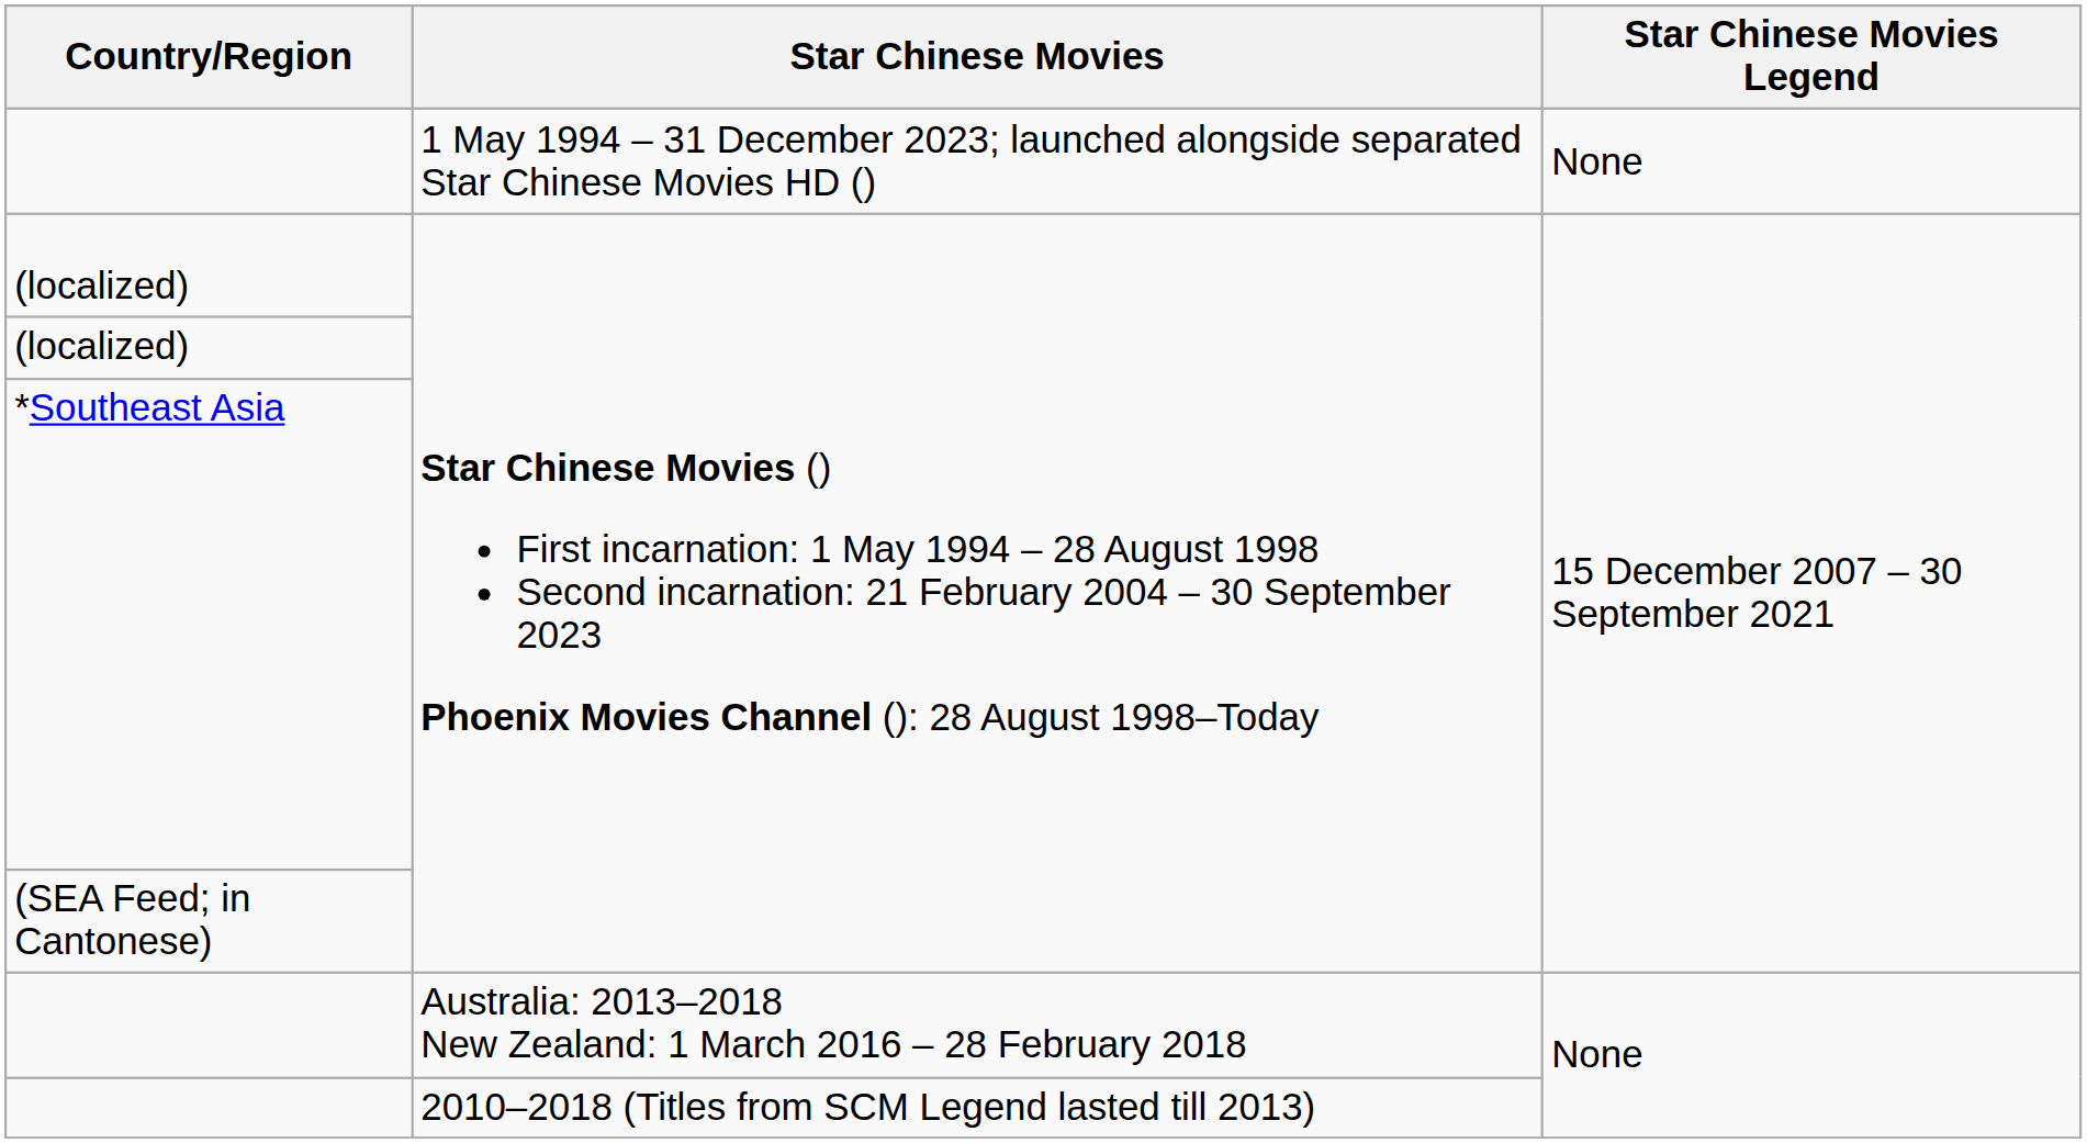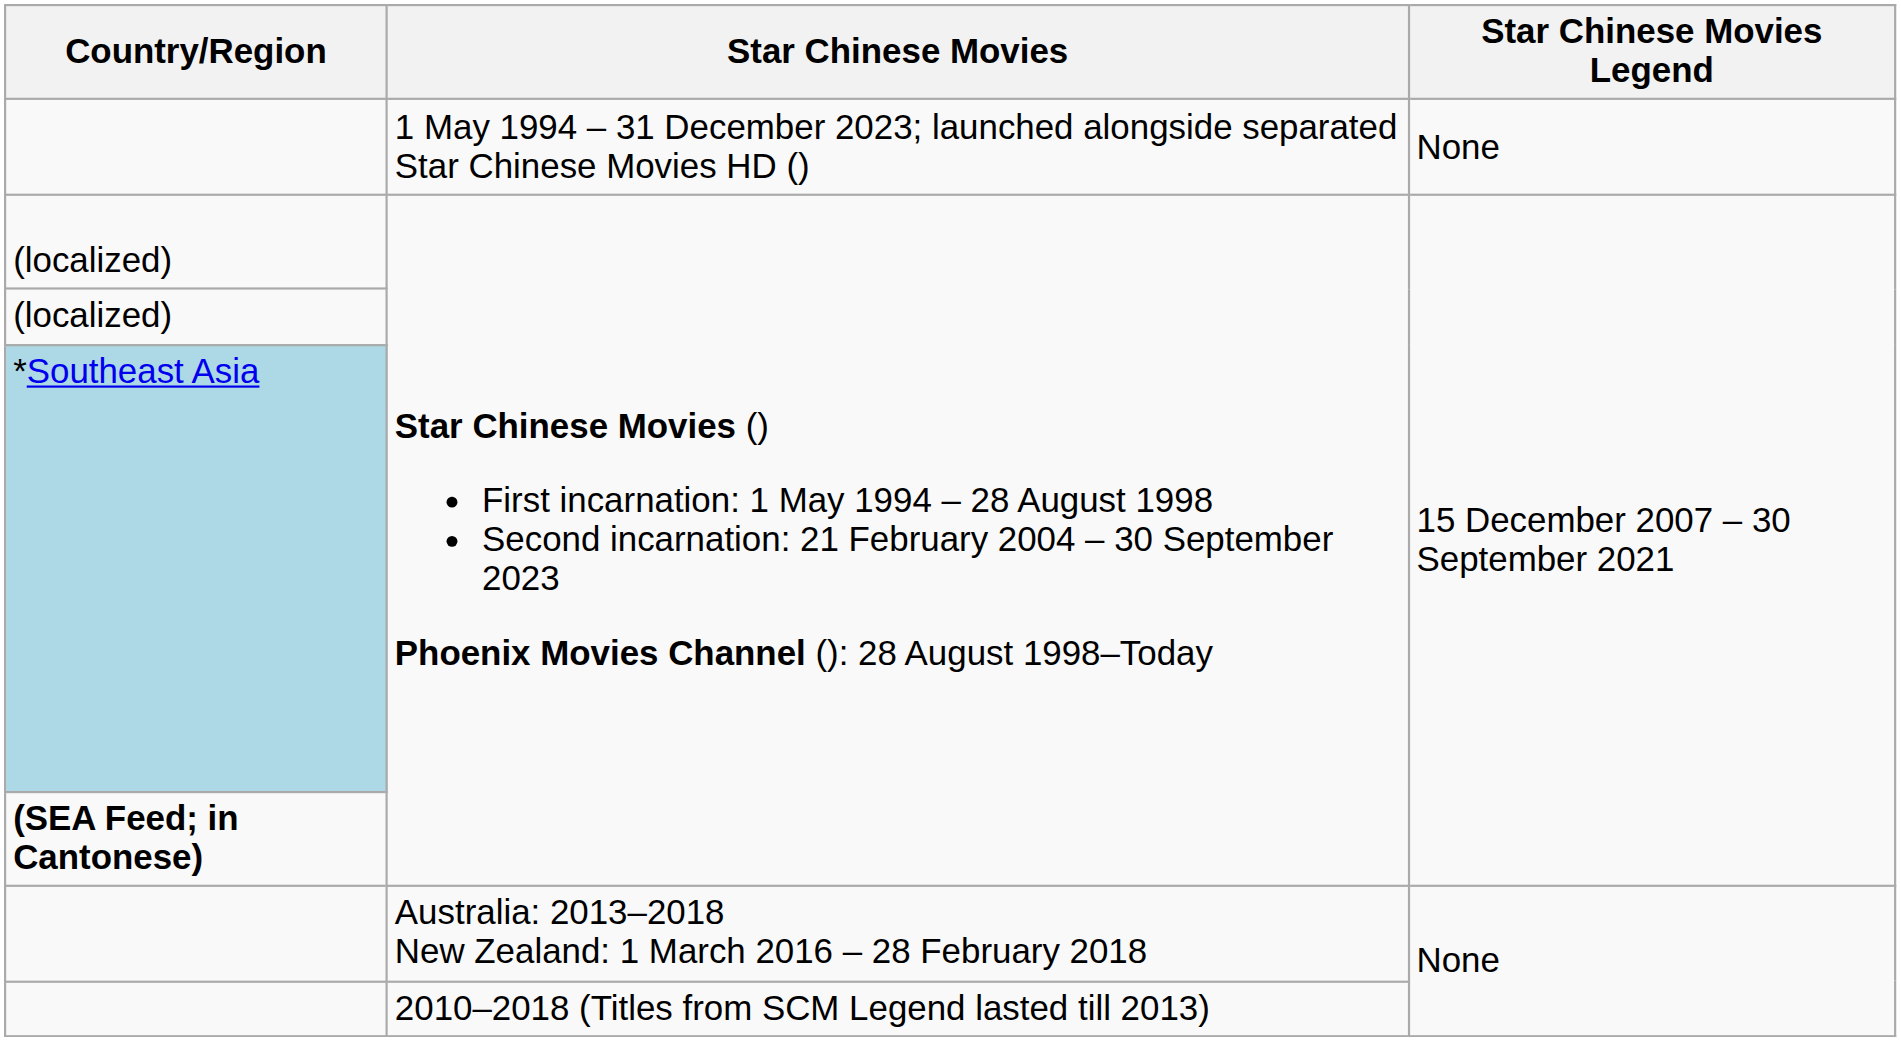 <table class="wikitable">
 <tr>
 <th>Country/Region</th>
 <th>Star Chinese Movies</th>
 <th>Star Chinese Movies Legend</th>
 </tr>
 <tr>
 <td></td>
 <td>1 May 1994 – 31 December 2023; launched alongside separated Star Chinese Movies HD ()</td>
 <td>None</td>
 </tr>
 <tr>
 <td><br> (localized)</td>
 <td rowspan=4><strong>Star Chinese Movies</strong> ()<br><ul><li>First incarnation: 1 May 1994 – 28 August 1998</li><li>Second incarnation: 21 February 2004 – 30 September 2023</li></ul><strong>Phoenix Movies Channel</strong> (): 28 August 1998–Today</td>
 <td rowspan=4>15 December 2007 – 30 September 2021</td>
 </tr>
 <tr>
 <td> (localized)</td>
 </tr>
 <tr>
-<td>*<a href='#'>Southeast Asia</a><br><br><br><br><br><br><br><br><br><br><br></td>
+<td style="background: lightblue;">*<a href='#'>Southeast Asia</a><br><br><br><br><br><br><br><br><br><br><br></td>
 </tr>
 <tr>
-<td> (SEA Feed; in Cantonese)</td>
+<td><strong> (SEA Feed; in Cantonese)</strong></td>
 </tr>
 <tr>
 <td><br></td>
 <td>Australia: 2013–2018 <br> New Zealand: 1 March 2016 – 28 February 2018</td>
 <td rowspan=2>None</td>
 </tr>
 <tr>
 <td><br></td>
 <td>2010–2018 (Titles from SCM Legend lasted till 2013)</td>
 </tr>
 </table>
